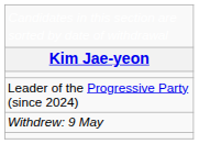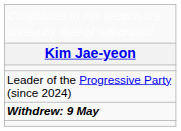 <table class="wikitable defaultcenter">
 <tr>
 <td style="font-size:120%; color:white; background:"><em><small>Candidates in this section are sorted by date of withdrawal</small></em></td>
 </tr>
 <tr>
 <th scope="col" style="width:11.8em; font-size:120%;"><a href='#'>Kim Jae-yeon</a></th>
 </tr>
 <tr>
 <td></td>
 </tr>
 <tr>
 <td>Leader of the <a href='#'>Progressive Party</a> (since 2024)</td>
 </tr>
 <tr>
-<td><em>Withdrew: 9 May</em><br></td>
+<td><strong><em>Withdrew: 9 May</em><br></strong></td>
 </tr>
 <tr>
 <td></td>
 </tr>
 </table>
